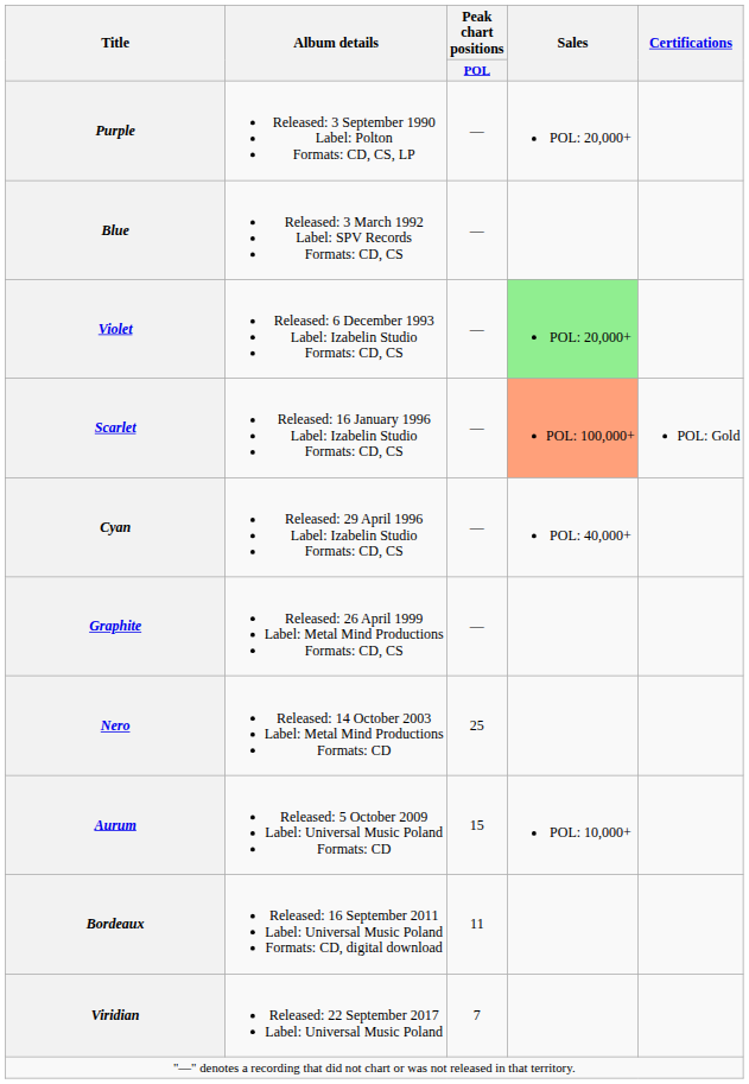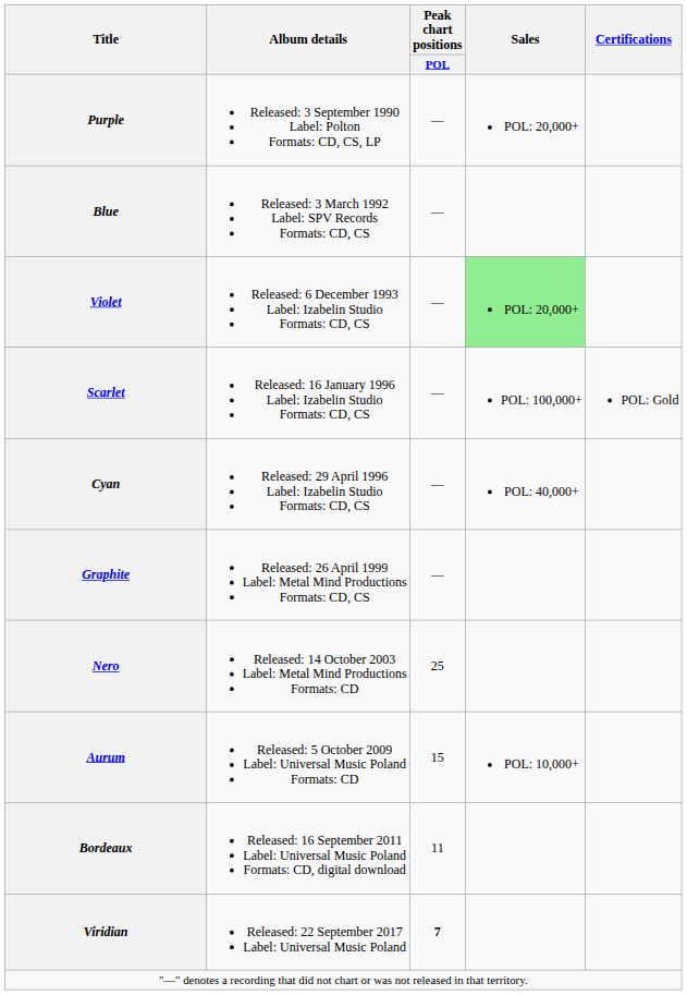 <table class="wikitable plainrowheaders" style="text-align:center;">
 <tr>
 <th scope="col" rowspan="2" style="width:15em;">Title</th>
 <th scope="col" rowspan="2">Album details</th>
 <th scope="col">Peak chart positions</th>
 <th scope="col" rowspan="2">Sales</th>
 <th scope="col" rowspan="2"><a href='#'>Certifications</a></th>
 </tr>
 <tr>
 <th scope="col" style="width:3em;font-size:90%;"><a href='#'>POL</a><br></th>
 </tr>
 <tr>
 <th scope="row"><em>Purple</em></th>
 <td><br><ul><li>Released: 3 September 1990</li><li>Label: Polton</li><li>Formats: CD, CS, LP</li></ul></td>
 <td>—</td>
 <td><br><ul><li>POL: 20,000+</li></ul></td>
 <td></td>
 </tr>
 <tr>
 <th scope="row"><em>Blue</em></th>
 <td><br><ul><li>Released: 3 March 1992</li><li>Label: SPV Records</li><li>Formats: CD, CS</li></ul></td>
 <td>—</td>
 <td></td>
 <td></td>
 </tr>
 <tr>
 <th scope="row"><em><a href='#'>Violet</a></em></th>
 <td><br><ul><li>Released: 6 December 1993</li><li>Label: Izabelin Studio</li><li>Formats: CD, CS</li></ul></td>
 <td>—</td>
 <td style="background: lightgreen;"><br><ul><li>POL: 20,000+</li></ul></td>
 <td></td>
 </tr>
 <tr>
 <th scope="row"><em><a href='#'>Scarlet</a></em></th>
 <td><br><ul><li>Released: 16 January 1996</li><li>Label: Izabelin Studio</li><li>Formats: CD, CS</li></ul></td>
 <td>—</td>
-<td style="background: lightsalmon;"><br><ul><li>POL: 100,000+</li></ul></td>
+<td><br><ul><li>POL: 100,000+</li></ul></td>
 <td><br><ul><li>POL: Gold</li></ul></td>
 </tr>
 <tr>
 <th scope="row"><em>Cyan</em></th>
 <td><br><ul><li>Released: 29 April 1996</li><li>Label: Izabelin Studio</li><li>Formats: CD, CS</li></ul></td>
 <td>—</td>
 <td><br><ul><li>POL: 40,000+</li></ul></td>
 <td></td>
 </tr>
 <tr>
 <th scope="row"><em><a href='#'>Graphite</a></em></th>
 <td><br><ul><li>Released: 26 April 1999</li><li>Label: Metal Mind Productions</li><li>Formats: CD, CS</li></ul></td>
 <td>—</td>
 <td></td>
 <td></td>
 </tr>
 <tr>
 <th scope="row"><em><a href='#'>Nero</a></em></th>
 <td><br><ul><li>Released: 14 October 2003</li><li>Label: Metal Mind Productions</li><li>Formats: CD</li></ul></td>
 <td>25</td>
 <td></td>
 <td></td>
 </tr>
 <tr>
 <th scope="row"><em><a href='#'>Aurum</a></em></th>
 <td><br><ul><li>Released: 5 October 2009</li><li>Label: Universal Music Poland</li><li>Formats: CD</li></ul></td>
 <td>15</td>
 <td><br><ul><li>POL: 10,000+</li></ul></td>
 <td></td>
 </tr>
 <tr>
 <th scope="row"><em>Bordeaux</em></th>
 <td><br><ul><li>Released: 16 September 2011</li><li>Label: Universal Music Poland</li><li>Formats: CD, digital download</li></ul></td>
 <td>11</td>
 <td></td>
 <td></td>
 </tr>
 <tr>
 <th scope="row"><em>Viridian</em></th>
 <td><br><ul><li>Released: 22 September 2017</li><li>Label: Universal Music Poland</li></ul></td>
-<td>7</td>
+<td><strong>7</strong></td>
 <td></td>
 <td></td>
 </tr>
 <tr>
 <td colspan="10" style="font-size:90%">"—" denotes a recording that did not chart or was not released in that territory.</td>
 </tr>
 </table>
